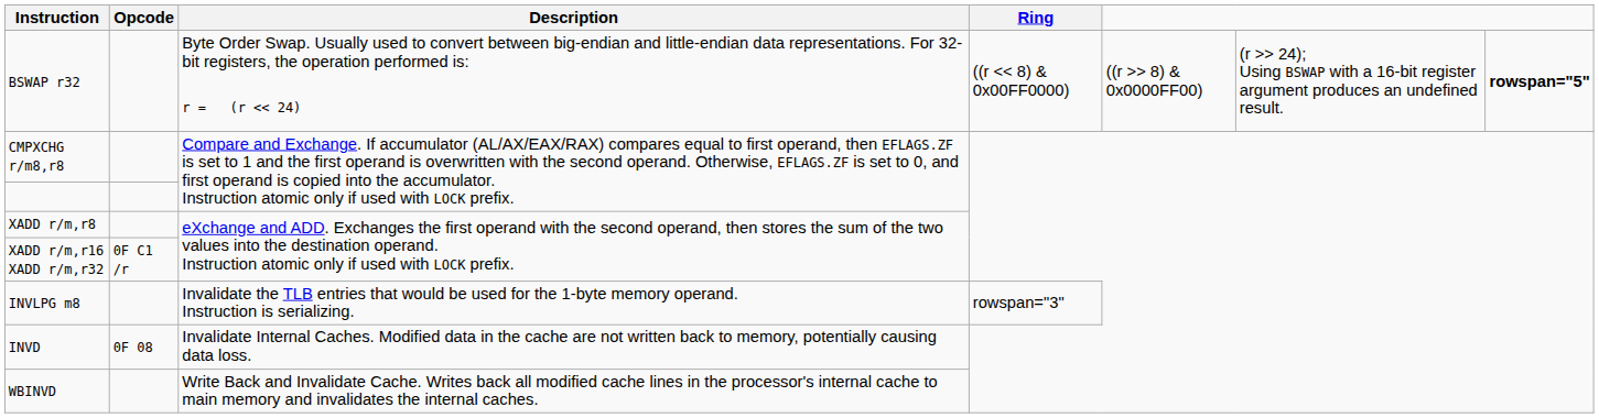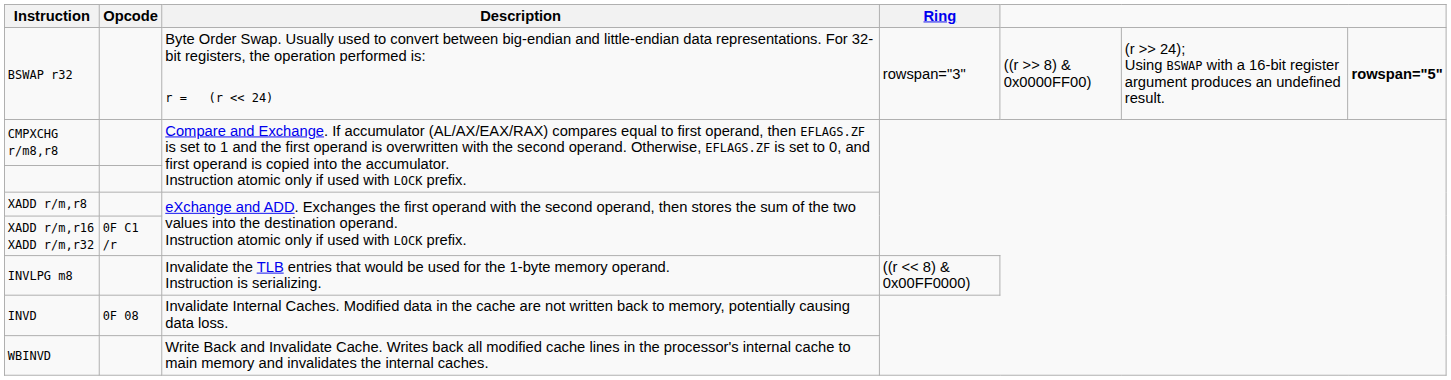 <table class="wikitable sortable">
 <tr>
 <th>Instruction</th>
 <th>Opcode</th>
 <th>Description</th>
 <th><a href='#'>Ring</a></th>
 </tr>
 <tr>
 <td><code>BSWAP r32</code></td>
 <td></td>
 <td>Byte Order Swap. Usually used to convert between big-endian and little-endian data representations. For 32-bit registers, the operation performed is:<pre><br>r =   (r << 24)</td>
-<td>((r << 8) & 0x00FF0000)</td>
+<td>rowspan="3" </td>
 <td>((r >> 8) & 0x0000FF00)</td>
 <td>(r >> 24);</pre><br>Using <code>BSWAP</code> with a 16-bit register argument produces an undefined result.</td>
 <td><strong>rowspan="5" </strong></td>
 </tr>
 <tr>
 <td><code>CMPXCHG r/m8,r8</code></td>
 <td></td>
 <td rowspan="2"><a href='#'>Compare and Exchange</a>. If accumulator (AL/AX/EAX/RAX) compares equal to first operand, then <code>EFLAGS.ZF</code> is set to 1 and the first operand is overwritten with the second operand. Otherwise, <code>EFLAGS.ZF</code> is set to 0, and first operand is copied into the accumulator.<br>Instruction atomic only if used with <code>LOCK</code> prefix.</td>
 </tr>
 <tr>
 <td><br></td>
 <td></td>
 </tr>
 <tr>
 <td><code>XADD r/m,r8</code></td>
 <td></td>
 <td rowspan="2"><a href='#'>eXchange and ADD</a>. Exchanges the first operand with the second operand, then stores the sum of the two values into the destination operand.<br>Instruction atomic only if used with <code>LOCK</code> prefix.</td>
 </tr>
 <tr>
 <td><code>XADD r/m,r16</code><br><code>XADD r/m,r32</code></td>
 <td><code>0F C1 /r</code></td>
 </tr>
 <tr>
 <td><code>INVLPG m8</code></td>
 <td></td>
 <td>Invalidate the <a href='#'>TLB</a> entries that would be used for the 1-byte memory operand.<br>Instruction is serializing.</td>
-<td>rowspan="3" </td>
+<td>((r << 8) & 0x00FF0000)</td>
 </tr>
 <tr>
 <td><code>INVD</code></td>
 <td><code>0F 08</code></td>
 <td>Invalidate Internal Caches. Modified data in the cache are not written back to memory, potentially causing data loss.</td>
 </tr>
 <tr>
 <td><code>WBINVD</code></td>
 <td></td>
 <td>Write Back and Invalidate Cache. Writes back all modified cache lines in the processor's internal cache to main memory and invalidates the internal caches.</td>
 </tr>
 </table>
